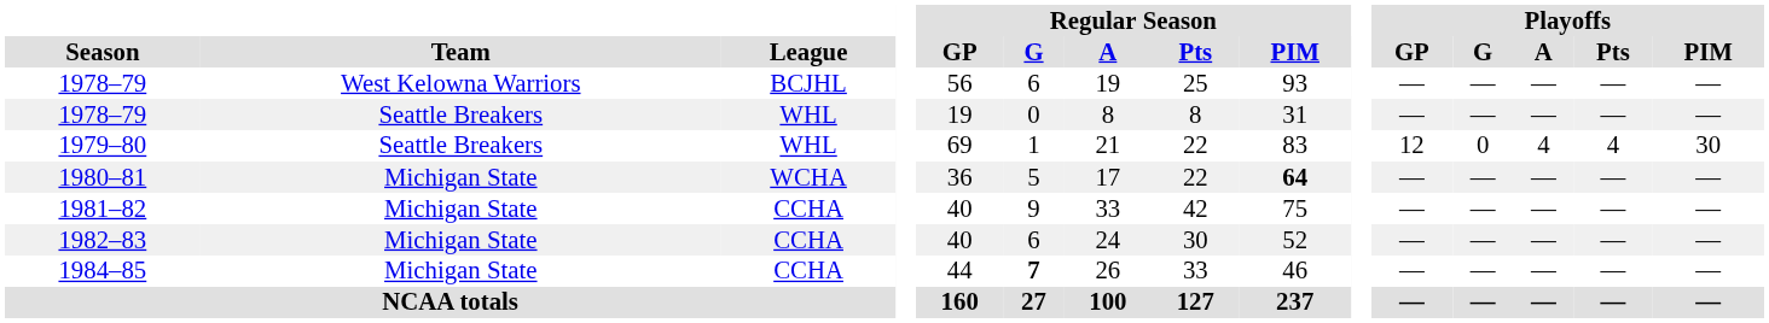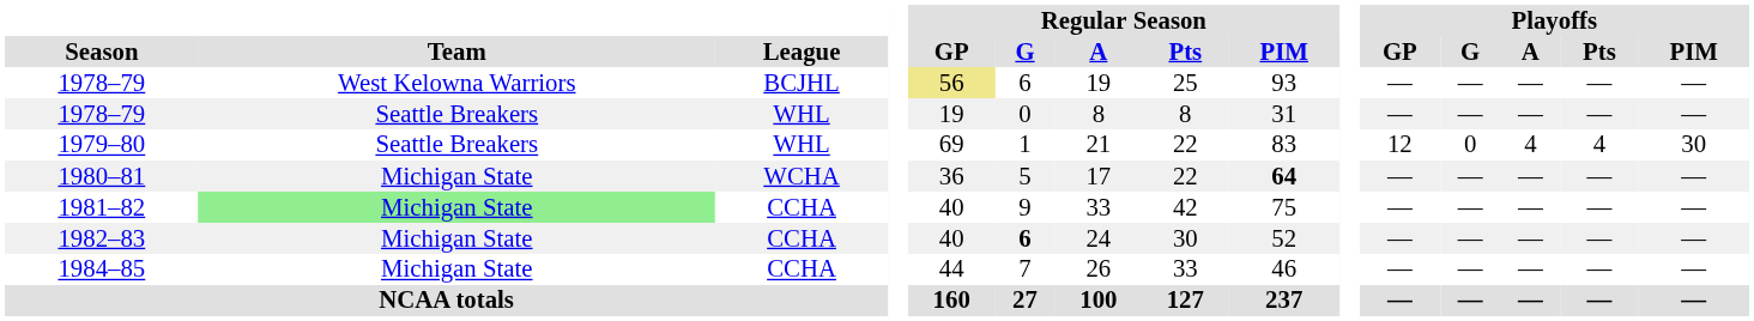 <table border="0" cellpadding="1" cellspacing="0" style="text-align:center; width:70em">
 <tr bgcolor="#e0e0e0">
 <th colspan="3"  bgcolor="#ffffff"> </th>
 <th rowspan="99" bgcolor="#ffffff"> </th>
 <th colspan="5">Regular Season</th>
 <th rowspan="99" bgcolor="#ffffff"> </th>
 <th colspan="5">Playoffs</th>
 </tr>
 <tr bgcolor="#e0e0e0">
 <th>Season</th>
 <th>Team</th>
 <th>League</th>
 <th>GP</th>
 <th><a href='#'>G</a></th>
 <th><a href='#'>A</a></th>
 <th><a href='#'>Pts</a></th>
 <th><a href='#'>PIM</a></th>
 <th>GP</th>
 <th>G</th>
 <th>A</th>
 <th>Pts</th>
 <th>PIM</th>
 </tr>
 <tr>
 <td><a href='#'>1978–79</a></td>
 <td><a href='#'>West Kelowna Warriors</a></td>
 <td><a href='#'>BCJHL</a></td>
-<td>56</td>
+<td style="background: khaki;">56</td>
 <td>6</td>
 <td>19</td>
 <td>25</td>
 <td>93</td>
 <td>—</td>
 <td>—</td>
 <td>—</td>
 <td>—</td>
 <td>—</td>
 </tr>
 <tr bgcolor="f0f0f0">
 <td><a href='#'>1978–79</a></td>
 <td><a href='#'>Seattle Breakers</a></td>
 <td><a href='#'>WHL</a></td>
 <td>19</td>
 <td>0</td>
 <td>8</td>
 <td>8</td>
 <td>31</td>
 <td>—</td>
 <td>—</td>
 <td>—</td>
 <td>—</td>
 <td>—</td>
 </tr>
 <tr>
 <td><a href='#'>1979–80</a></td>
 <td><a href='#'>Seattle Breakers</a></td>
 <td><a href='#'>WHL</a></td>
 <td>69</td>
 <td>1</td>
 <td>21</td>
 <td>22</td>
 <td>83</td>
 <td>12</td>
 <td>0</td>
 <td>4</td>
 <td>4</td>
 <td>30</td>
 </tr>
 <tr bgcolor="f0f0f0">
 <td><a href='#'>1980–81</a></td>
 <td><a href='#'>Michigan State</a></td>
 <td><a href='#'>WCHA</a></td>
 <td>36</td>
 <td>5</td>
 <td>17</td>
 <td>22</td>
 <td><strong>64</strong></td>
 <td>—</td>
 <td>—</td>
 <td>—</td>
 <td>—</td>
 <td>—</td>
 </tr>
 <tr>
 <td><a href='#'>1981–82</a></td>
-<td><a href='#'>Michigan State</a></td>
+<td style="background: lightgreen;"><a href='#'>Michigan State</a></td>
 <td><a href='#'>CCHA</a></td>
 <td>40</td>
 <td>9</td>
 <td>33</td>
 <td>42</td>
 <td>75</td>
 <td>—</td>
 <td>—</td>
 <td>—</td>
 <td>—</td>
 <td>—</td>
 </tr>
 <tr bgcolor="f0f0f0">
 <td><a href='#'>1982–83</a></td>
 <td><a href='#'>Michigan State</a></td>
 <td><a href='#'>CCHA</a></td>
 <td>40</td>
-<td>6</td>
+<td><strong>6</strong></td>
 <td>24</td>
 <td>30</td>
 <td>52</td>
 <td>—</td>
 <td>—</td>
 <td>—</td>
 <td>—</td>
 <td>—</td>
 </tr>
 <tr>
 <td><a href='#'>1984–85</a></td>
 <td><a href='#'>Michigan State</a></td>
 <td><a href='#'>CCHA</a></td>
 <td>44</td>
-<td><strong>7</strong></td>
+<td>7</td>
 <td>26</td>
 <td>33</td>
 <td>46</td>
 <td>—</td>
 <td>—</td>
 <td>—</td>
 <td>—</td>
 <td>—</td>
 </tr>
 <tr bgcolor="#e0e0e0">
 <th colspan="3">NCAA totals</th>
 <th>160</th>
 <th>27</th>
 <th>100</th>
 <th>127</th>
 <th>237</th>
 <th>—</th>
 <th>—</th>
 <th>—</th>
 <th>—</th>
 <th>—</th>
 </tr>
 </table>
